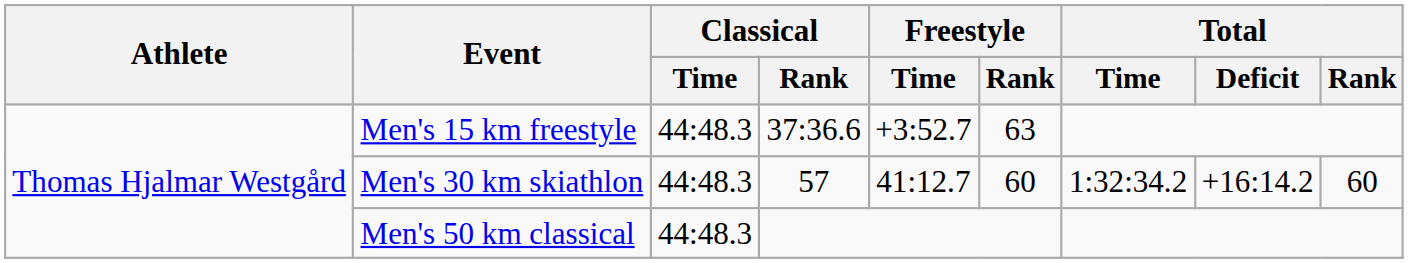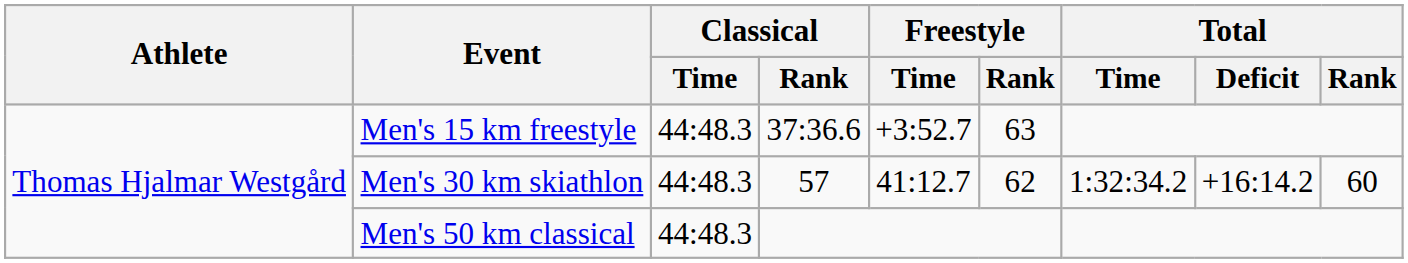 <table class="wikitable" style="font-size:90%">
 <tr>
 <th rowspan=2>Athlete</th>
 <th rowspan=2>Event</th>
 <th colspan=2>Classical</th>
 <th colspan=2>Freestyle</th>
 <th colspan=3>Total</th>
 </tr>
 <tr style="font-size:95%">
 <th>Time</th>
 <th>Rank</th>
 <th>Time</th>
 <th>Rank</th>
 <th>Time</th>
 <th>Deficit</th>
 <th>Rank</th>
 </tr>
 <tr align=center>
 <td align=left rowspan=3><a href='#'>Thomas Hjalmar Westgård</a></td>
 <td align=left><a href='#'>Men's 15 km freestyle</a></td>
 <td>44:48.3</td>
 <td>37:36.6</td>
 <td>+3:52.7</td>
 <td>63</td>
 </tr>
 <tr align=center>
 <td align=left><a href='#'>Men's 30 km skiathlon</a></td>
 <td>44:48.3</td>
 <td>57</td>
 <td>41:12.7</td>
-<td>60</td>
+<td>62</td>
 <td>1:32:34.2</td>
 <td>+16:14.2</td>
 <td>60</td>
 </tr>
 <tr align=center>
 <td align=left><a href='#'>Men's 50 km classical</a></td>
 <td>44:48.3</td>
 <td colspan=3></td>
 </tr>
 </table>
